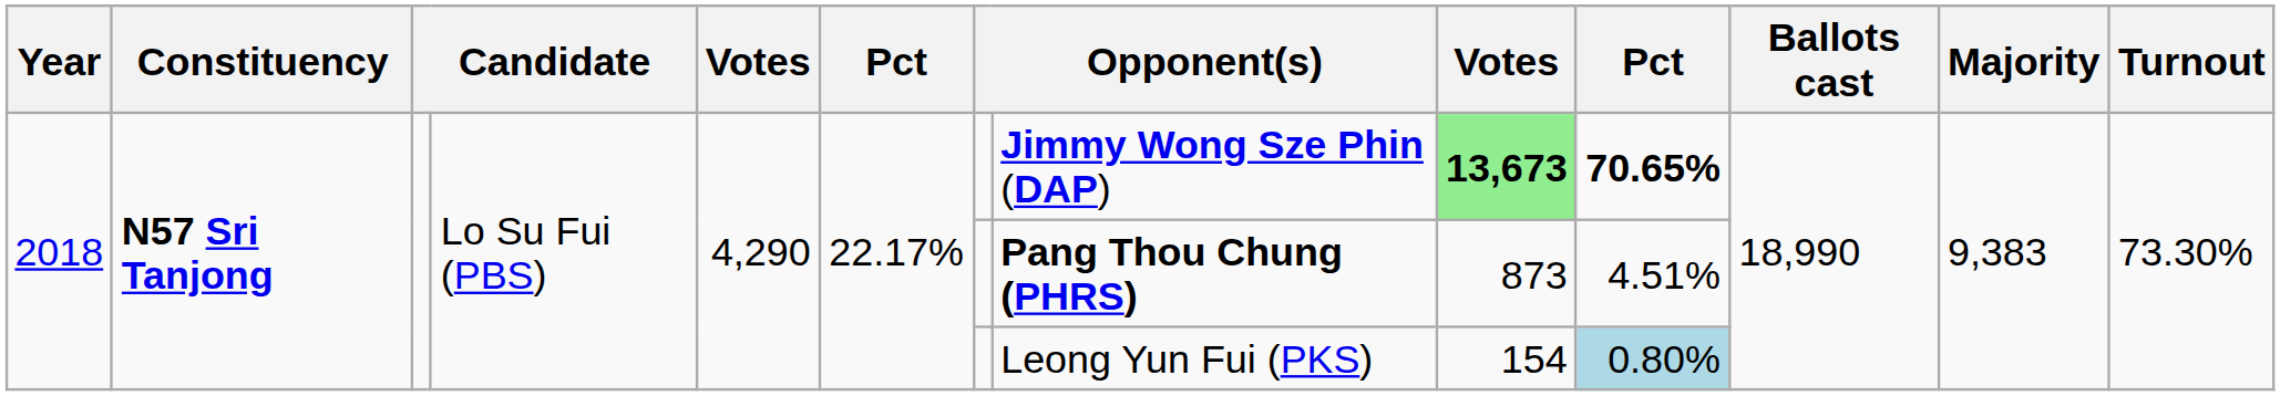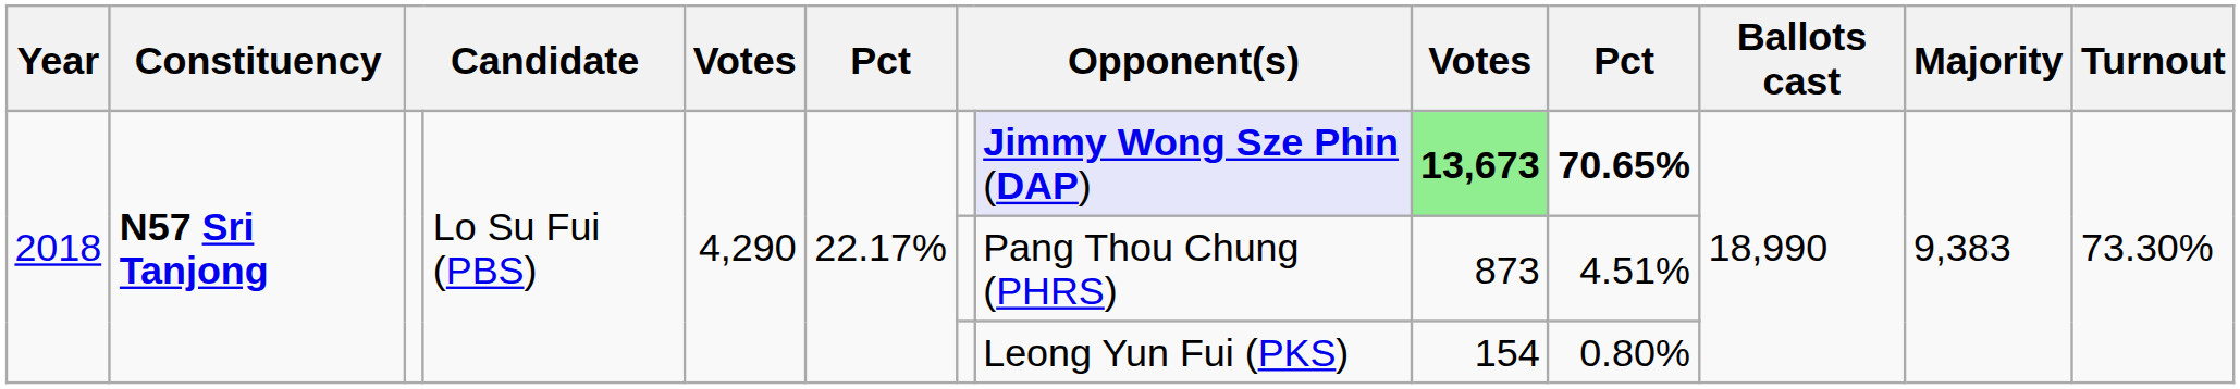 <table class="wikitable" style="margin:0.5em ; font-size:95%">
 <tr>
 <th>Year</th>
 <th>Constituency</th>
 <th colspan=2>Candidate</th>
 <th>Votes</th>
 <th>Pct</th>
 <th colspan=2>Opponent(s)</th>
 <th>Votes</th>
 <th>Pct</th>
 <th>Ballots cast</th>
 <th>Majority</th>
 <th>Turnout</th>
 </tr>
 <tr>
 <td rowspan=3><a href='#'>2018</a></td>
 <td rowspan=3><strong>N57 <a href='#'>Sri Tanjong</a></strong></td>
 <td rowspan=3 ></td>
 <td rowspan=3>Lo Su Fui (<a href='#'>PBS</a>)</td>
 <td rowspan=3 align="right">4,290</td>
 <td rowspan=3>22.17%</td>
 <td></td>
-<td><strong><a href='#'>Jimmy Wong Sze Phin</a></strong> (<a href='#'><strong>DAP</strong></a>)</td>
+<td style="background: lavender;"><strong><a href='#'>Jimmy Wong Sze Phin</a></strong> (<a href='#'><strong>DAP</strong></a>)</td>
 <td align="right" style="background: lightgreen;"><strong>13,673</strong></td>
 <td><strong>70.65%</strong></td>
 <td rowspan=3>18,990</td>
 <td rowspan=3>9,383</td>
 <td rowspan=3>73.30%</td>
 </tr>
 <tr>
 <td></td>
-<td><strong>Pang Thou Chung (<a href='#'>PHRS</a>)</strong></td>
+<td>Pang Thou Chung (<a href='#'>PHRS</a>)</td>
 <td align="right">873</td>
 <td align="right">4.51%</td>
 </tr>
 <tr>
 <td></td>
 <td>Leong Yun Fui (<a href='#'>PKS</a>)</td>
 <td align="right">154</td>
-<td align="right" style="background: lightblue;">0.80%</td>
+<td align="right">0.80%</td>
 </tr>
 </table>
